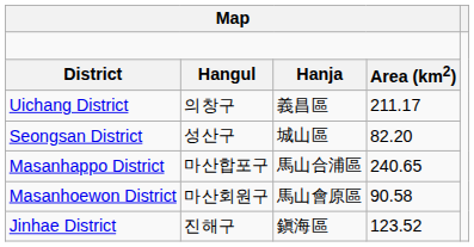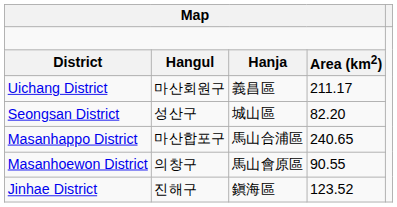 <table class="wikitable sortable">
 <tr>
 <th colspan="4">Map</th>
 <th></th>
 </tr>
 <tr>
 <td colspan="4"><br>        </td>
 <td rowspan="7"></td>
 </tr>
 <tr>
 <th>District</th>
 <th>Hangul</th>
 <th>Hanja</th>
 <th>Area (km<sup>2</sup>)</th>
 </tr>
 <tr>
 <td><a href='#'>Uichang District</a></td>
-<td>의창구</td>
+<td>마산회원구</td>
 <td>義昌區</td>
 <td>211.17</td>
 </tr>
 <tr>
 <td><a href='#'>Seongsan District</a></td>
 <td>성산구</td>
 <td>城山區</td>
 <td>82.20</td>
 </tr>
 <tr>
 <td><a href='#'>Masanhappo District</a></td>
 <td>마산합포구</td>
 <td>馬山合浦區</td>
 <td>240.65</td>
 </tr>
 <tr>
 <td><a href='#'>Masanhoewon District</a></td>
-<td>마산회원구</td>
+<td>의창구</td>
 <td>馬山會原區</td>
-<td>90.58</td>
+<td>90.55</td>
 </tr>
 <tr>
 <td><a href='#'>Jinhae District</a></td>
 <td>진해구</td>
 <td>鎭海區</td>
 <td>123.52</td>
 </tr>
 </table>
